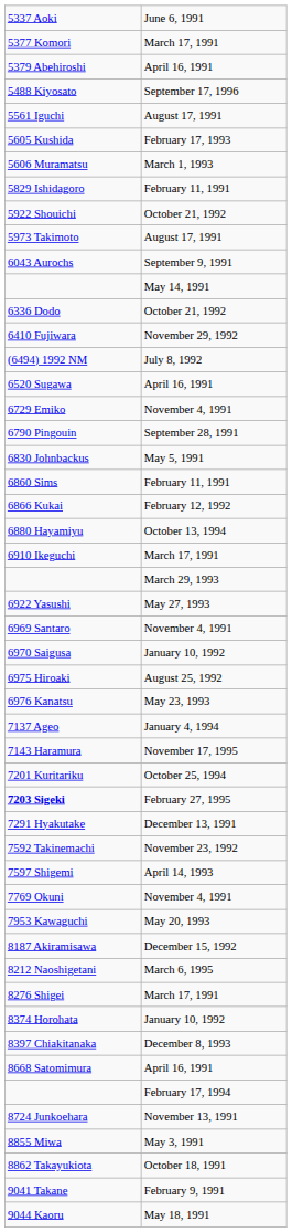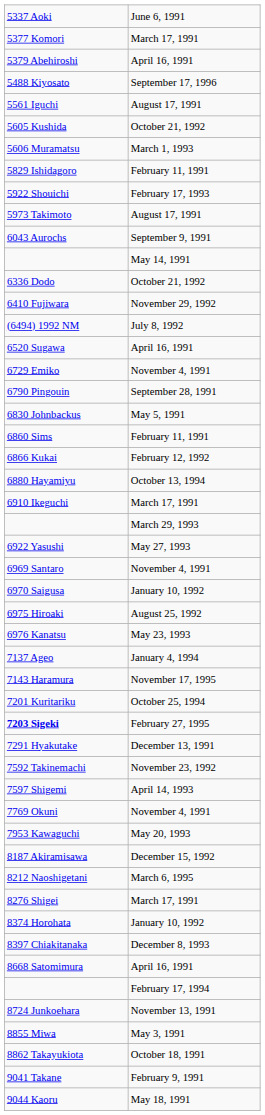 <table class="wikitable" style="font-size: 89%; float: left; width: 24em; margin-right: 1em; line-height: 1.6em !important;">
 <tr>
 <td><a href='#'>5337 Aoki</a> </td>
 <td>June 6, 1991</td>
 </tr>
 <tr>
 <td><a href='#'>5377 Komori</a> </td>
 <td>March 17, 1991</td>
 </tr>
 <tr>
 <td><a href='#'>5379 Abehiroshi</a> </td>
 <td>April 16, 1991</td>
 </tr>
 <tr>
 <td><a href='#'>5488 Kiyosato</a></td>
 <td>September 17, 1996</td>
 </tr>
 <tr>
 <td><a href='#'>5561 Iguchi</a></td>
 <td>August 17, 1991</td>
 </tr>
 <tr>
 <td><a href='#'>5605 Kushida</a></td>
-<td>February 17, 1993</td>
+<td>October 21, 1992</td>
 </tr>
 <tr>
 <td><a href='#'>5606 Muramatsu</a></td>
 <td>March 1, 1993</td>
 </tr>
 <tr>
 <td><a href='#'>5829 Ishidagoro</a> </td>
 <td>February 11, 1991</td>
 </tr>
 <tr>
 <td><a href='#'>5922 Shouichi</a></td>
-<td>October 21, 1992</td>
+<td>February 17, 1993</td>
 </tr>
 <tr>
 <td><a href='#'>5973 Takimoto</a></td>
 <td>August 17, 1991</td>
 </tr>
 <tr>
 <td><a href='#'>6043 Aurochs</a></td>
 <td>September 9, 1991</td>
 </tr>
 <tr>
 <td> </td>
 <td>May 14, 1991</td>
 </tr>
 <tr>
 <td><a href='#'>6336 Dodo</a></td>
 <td>October 21, 1992</td>
 </tr>
 <tr>
 <td><a href='#'>6410 Fujiwara</a></td>
 <td>November 29, 1992</td>
 </tr>
 <tr>
 <td><a href='#'>(6494) 1992 NM</a></td>
 <td>July 8, 1992</td>
 </tr>
 <tr>
 <td><a href='#'>6520 Sugawa</a> </td>
 <td>April 16, 1991</td>
 </tr>
 <tr>
 <td><a href='#'>6729 Emiko</a></td>
 <td>November 4, 1991</td>
 </tr>
 <tr>
 <td><a href='#'>6790 Pingouin</a></td>
 <td>September 28, 1991</td>
 </tr>
 <tr>
 <td><a href='#'>6830 Johnbackus</a> </td>
 <td>May 5, 1991</td>
 </tr>
 <tr>
 <td><a href='#'>6860 Sims</a> </td>
 <td>February 11, 1991</td>
 </tr>
 <tr>
 <td><a href='#'>6866 Kukai</a></td>
 <td>February 12, 1992</td>
 </tr>
 <tr>
 <td><a href='#'>6880 Hayamiyu</a></td>
 <td>October 13, 1994</td>
 </tr>
 <tr>
 <td><a href='#'>6910 Ikeguchi</a> </td>
 <td>March 17, 1991</td>
 </tr>
 <tr>
 <td></td>
 <td>March 29, 1993</td>
 </tr>
 <tr>
 <td><a href='#'>6922 Yasushi</a></td>
 <td>May 27, 1993</td>
 </tr>
 <tr>
 <td><a href='#'>6969 Santaro</a></td>
 <td>November 4, 1991</td>
 </tr>
 <tr>
 <td><a href='#'>6970 Saigusa</a></td>
 <td>January 10, 1992</td>
 </tr>
 <tr>
 <td><a href='#'>6975 Hiroaki</a></td>
 <td>August 25, 1992</td>
 </tr>
 <tr>
 <td><a href='#'>6976 Kanatsu</a></td>
 <td>May 23, 1993</td>
 </tr>
 <tr>
 <td><a href='#'>7137 Ageo</a></td>
 <td>January 4, 1994</td>
 </tr>
 <tr>
 <td><a href='#'>7143 Haramura</a></td>
 <td>November 17, 1995</td>
 </tr>
 <tr>
 <td><a href='#'>7201 Kuritariku</a></td>
 <td>October 25, 1994</td>
 </tr>
 <tr>
 <td><strong><a href='#'>7203 Sigeki</a></strong></td>
 <td>February 27, 1995</td>
 </tr>
 <tr>
 <td><a href='#'>7291 Hyakutake</a></td>
 <td>December 13, 1991</td>
 </tr>
 <tr>
 <td><a href='#'>7592 Takinemachi</a></td>
 <td>November 23, 1992</td>
 </tr>
 <tr>
 <td><a href='#'>7597 Shigemi</a></td>
 <td>April 14, 1993</td>
 </tr>
 <tr>
 <td><a href='#'>7769 Okuni</a></td>
 <td>November 4, 1991</td>
 </tr>
 <tr>
 <td><a href='#'>7953 Kawaguchi</a></td>
 <td>May 20, 1993</td>
 </tr>
 <tr>
 <td><a href='#'>8187 Akiramisawa</a></td>
 <td>December 15, 1992</td>
 </tr>
 <tr>
 <td><a href='#'>8212 Naoshigetani</a></td>
 <td>March 6, 1995</td>
 </tr>
 <tr>
 <td><a href='#'>8276 Shigei</a> </td>
 <td>March 17, 1991</td>
 </tr>
 <tr>
 <td><a href='#'>8374 Horohata</a></td>
 <td>January 10, 1992</td>
 </tr>
 <tr>
 <td><a href='#'>8397 Chiakitanaka</a></td>
 <td>December 8, 1993</td>
 </tr>
 <tr>
 <td><a href='#'>8668 Satomimura</a> </td>
 <td>April 16, 1991</td>
 </tr>
 <tr>
 <td></td>
 <td>February 17, 1994</td>
 </tr>
 <tr>
 <td><a href='#'>8724 Junkoehara</a></td>
 <td>November 13, 1991</td>
 </tr>
 <tr>
 <td><a href='#'>8855 Miwa</a> </td>
 <td>May 3, 1991</td>
 </tr>
 <tr>
 <td><a href='#'>8862 Takayukiota</a></td>
 <td>October 18, 1991</td>
 </tr>
 <tr>
 <td><a href='#'>9041 Takane</a> </td>
 <td>February 9, 1991</td>
 </tr>
 <tr>
 <td><a href='#'>9044 Kaoru</a> </td>
 <td>May 18, 1991</td>
 </tr>
 </table>
